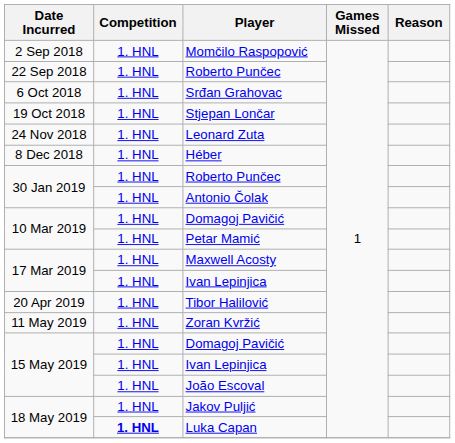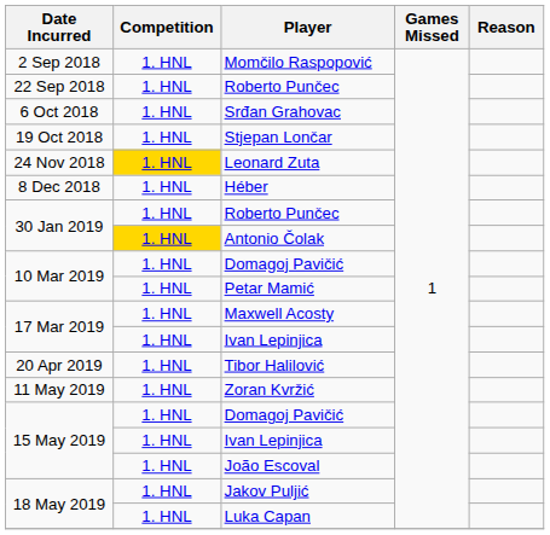 <table class="wikitable" style="font-size: 90%; text-align: center;">
 <tr>
 <th width=90>Date Incurred</th>
 <th width=90>Competition</th>
 <th width=150>Player</th>
 <th width=60>Games Missed</th>
 <th width=60>Reason</th>
 </tr>
 <tr>
 <td>2 Sep 2018</td>
 <td><a href='#'>1. HNL</a></td>
 <td style="text-align:left;"> <a href='#'>Momčilo Raspopović</a></td>
 <td rowspan=19>1</td>
 <td></td>
 </tr>
 <tr>
 <td>22 Sep 2018</td>
 <td><a href='#'>1. HNL</a></td>
 <td style="text-align:left;"> <a href='#'>Roberto Punčec</a></td>
 <td></td>
 </tr>
 <tr>
 <td>6 Oct 2018</td>
 <td><a href='#'>1. HNL</a></td>
 <td style="text-align:left;"> <a href='#'>Srđan Grahovac</a></td>
 <td>  </td>
 </tr>
 <tr>
 <td>19 Oct 2018</td>
 <td><a href='#'>1. HNL</a></td>
 <td style="text-align:left;"> <a href='#'>Stjepan Lončar</a></td>
 <td></td>
 </tr>
 <tr>
 <td>24 Nov 2018</td>
-<td><a href='#'>1. HNL</a></td>
+<td style="background: gold;"><a href='#'>1. HNL</a></td>
 <td style="text-align:left;"> <a href='#'>Leonard Zuta</a></td>
 <td>  </td>
 </tr>
 <tr>
 <td>8 Dec 2018</td>
 <td><a href='#'>1. HNL</a></td>
 <td style="text-align:left;"> <a href='#'>Héber</a></td>
 <td>  </td>
 </tr>
 <tr>
 <td rowspan=2>30 Jan 2019</td>
 <td><a href='#'>1. HNL</a></td>
 <td style="text-align:left;"> <a href='#'>Roberto Punčec</a></td>
 <td>  </td>
 </tr>
 <tr>
-<td><a href='#'>1. HNL</a></td>
+<td style="background: gold;"><a href='#'>1. HNL</a></td>
 <td style="text-align:left;"> <a href='#'>Antonio Čolak</a></td>
 <td>  </td>
 </tr>
 <tr>
 <td rowspan=2>10 Mar 2019</td>
 <td><a href='#'>1. HNL</a></td>
 <td style="text-align:left;"> <a href='#'>Domagoj Pavičić</a></td>
 <td>  </td>
 </tr>
 <tr>
 <td><a href='#'>1. HNL</a></td>
 <td style="text-align:left;"> <a href='#'>Petar Mamić</a></td>
 <td>  </td>
 </tr>
 <tr>
 <td rowspan=2>17 Mar 2019</td>
 <td><a href='#'>1. HNL</a></td>
 <td style="text-align:left;"> <a href='#'>Maxwell Acosty</a></td>
 <td>  </td>
 </tr>
 <tr>
 <td><a href='#'>1. HNL</a></td>
 <td style="text-align:left;"> <a href='#'>Ivan Lepinjica</a></td>
 <td>  </td>
 </tr>
 <tr>
 <td>20 Apr 2019</td>
 <td><a href='#'>1. HNL</a></td>
 <td style="text-align:left;"> <a href='#'>Tibor Halilović</a></td>
 <td>  </td>
 </tr>
 <tr>
 <td>11 May 2019</td>
 <td><a href='#'>1. HNL</a></td>
 <td style="text-align:left;"> <a href='#'>Zoran Kvržić</a></td>
 <td>  </td>
 </tr>
 <tr>
 <td rowspan=3>15 May 2019</td>
 <td><a href='#'>1. HNL</a></td>
 <td style="text-align:left;"> <a href='#'>Domagoj Pavičić</a></td>
 <td></td>
 </tr>
 <tr>
 <td><a href='#'>1. HNL</a></td>
 <td style="text-align:left;"> <a href='#'>Ivan Lepinjica</a></td>
 <td>  </td>
 </tr>
 <tr>
 <td><a href='#'>1. HNL</a></td>
 <td style="text-align:left;"> <a href='#'>João Escoval</a></td>
 <td>  </td>
 </tr>
 <tr>
 <td rowspan=2>18 May 2019</td>
 <td><a href='#'>1. HNL</a></td>
 <td style="text-align:left;"> <a href='#'>Jakov Puljić</a></td>
 <td>  </td>
 </tr>
 <tr>
-<td><strong><a href='#'>1. HNL</a></strong></td>
+<td><a href='#'>1. HNL</a></td>
 <td style="text-align:left;"> <a href='#'>Luka Capan</a></td>
 <td>  </td>
 </tr>
 <tr>
 </tr>
 </table>
